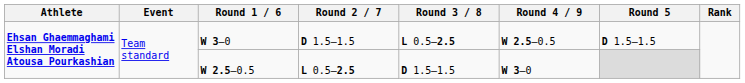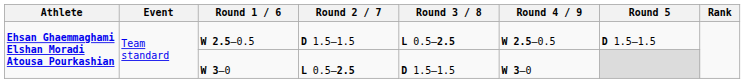 <table class="wikitable" width="98%" style="text-align:left; font-size:90%">
 <tr>
 <th width="10%">Athlete</th>
 <th width="7%">Event</th>
 <th width="9%">Round 1 / 6</th>
 <th width="9%">Round 2 / 7</th>
 <th width="9%">Round 3 / 8</th>
 <th width="9%">Round 4 / 9</th>
 <th width="9%">Round 5</th>
 <th width="3%">Rank</th>
 </tr>
 <tr>
 <td rowspan=2><strong><a href='#'>Ehsan Ghaemmaghami</a><br><a href='#'>Elshan Moradi</a><br><a href='#'>Atousa Pourkashian</a></strong></td>
 <td rowspan=2><a href='#'>Team standard</a></td>
-<td><br><strong>W</strong> <strong>3</strong>–0</td>
+<td><br><strong>W</strong> <strong>2.5</strong>–0.5</td>
 <td><br><strong>D</strong> 1.5–1.5</td>
 <td><br><strong>L</strong> 0.5–<strong>2.5</strong></td>
 <td><br><strong>W</strong> <strong>2.5</strong>–0.5</td>
 <td><br><strong>D</strong> 1.5–1.5</td>
 <td rowspan=2 align=center></td>
 </tr>
 <tr>
-<td><br><strong>W</strong> <strong>2.5</strong>–0.5</td>
+<td><br><strong>W</strong> <strong>3</strong>–0</td>
 <td><br><strong>L</strong> 0.5–<strong>2.5</strong></td>
 <td><br><strong>D</strong> 1.5–1.5</td>
 <td><br><strong>W</strong> <strong>3</strong>–0</td>
 <td bgcolor=#DCDCDC></td>
 </tr>
 </table>
